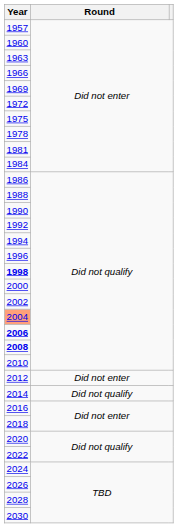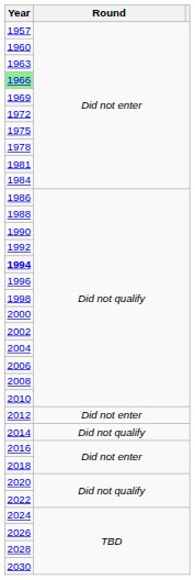 <table class="wikitable" style="text-align: center; font-size:90%">
 <tr>
 <th>Year</th>
 <th style="width:200px">Round</th>
 <th></th>
 </tr>
 <tr>
 <td><a href='#'>1957</a></td>
 <td colspan="2" rowspan="10"><em>Did not enter</em></td>
 </tr>
 <tr>
 <td><a href='#'>1960</a></td>
 </tr>
 <tr>
 <td><a href='#'>1963</a></td>
 </tr>
 <tr>
-<td><a href='#'>1966</a></td>
+<td style="background: lightgreen;"><a href='#'>1966</a></td>
 </tr>
 <tr>
 <td><a href='#'>1969</a></td>
 </tr>
 <tr>
 <td><a href='#'>1972</a></td>
 </tr>
 <tr>
 <td><a href='#'>1975</a></td>
 </tr>
 <tr>
 <td><a href='#'>1978</a></td>
 </tr>
 <tr>
 <td><a href='#'>1981</a></td>
 </tr>
 <tr>
 <td><a href='#'>1984</a></td>
 </tr>
 <tr>
 <td><a href='#'>1986</a></td>
 <td colspan="2" rowspan="13"><em>Did not qualify</em></td>
 </tr>
 <tr>
 <td><a href='#'>1988</a></td>
 </tr>
 <tr>
 <td><a href='#'>1990</a></td>
 </tr>
 <tr>
 <td><a href='#'>1992</a></td>
 </tr>
 <tr>
-<td><a href='#'>1994</a></td>
+<td><strong><a href='#'>1994</a></strong></td>
 </tr>
 <tr>
 <td><a href='#'>1996</a></td>
 </tr>
 <tr>
-<td><strong><a href='#'>1998</a></strong></td>
+<td><a href='#'>1998</a></td>
 </tr>
 <tr>
 <td><a href='#'>2000</a></td>
 </tr>
 <tr>
 <td><a href='#'>2002</a></td>
 </tr>
 <tr>
-<td style="background: lightsalmon;"><a href='#'>2004</a></td>
+<td><a href='#'>2004</a></td>
 </tr>
 <tr>
-<td><strong><a href='#'>2006</a></strong></td>
+<td><a href='#'>2006</a></td>
 </tr>
 <tr>
-<td><strong><a href='#'>2008</a></strong></td>
+<td><a href='#'>2008</a></td>
 </tr>
 <tr>
 <td><a href='#'>2010</a></td>
 </tr>
 <tr>
 <td><a href='#'>2012</a></td>
 <td colspan="2"><em>Did not enter</em></td>
 </tr>
 <tr>
 <td><a href='#'>2014</a></td>
 <td colspan="2"><em>Did not qualify</em></td>
 </tr>
 <tr>
 <td><a href='#'>2016</a></td>
 <td colspan="2" rowspan="2"><em>Did not enter</em></td>
 </tr>
 <tr>
 <td><a href='#'>2018</a></td>
 </tr>
 <tr>
 <td><a href='#'>2020</a></td>
 <td colspan="2" rowspan="2"><em>Did not qualify</em></td>
 </tr>
 <tr>
 <td><a href='#'>2022</a></td>
 </tr>
 <tr>
 <td><a href='#'>2024</a></td>
 <td colspan="2" rowspan="4"><em>TBD</em></td>
 </tr>
 <tr>
 <td><a href='#'>2026</a></td>
 </tr>
 <tr>
 <td><a href='#'>2028</a></td>
 </tr>
 <tr>
 <td><a href='#'>2030</a></td>
 </tr>
 </table>
